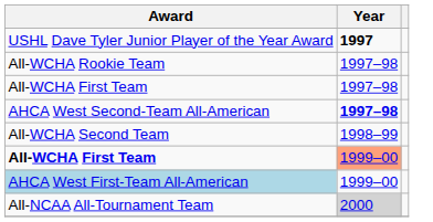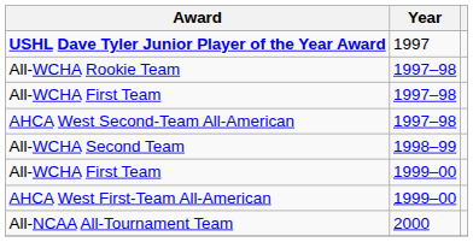 <table class="wikitable">
 <tr>
 <th>Award</th>
 <th>Year</th>
 <th></th>
 </tr>
 <tr>
-<td><a href='#'>USHL</a> <a href='#'>Dave Tyler Junior Player of the Year Award</a></td>
-<td><strong>1997</strong></td>
+<td><strong><a href='#'>USHL</a> <a href='#'>Dave Tyler Junior Player of the Year Award</a></strong></td>
+<td>1997</td>
 <td></td>
 </tr>
 <tr>
 <td>All-<a href='#'>WCHA</a> <a href='#'>Rookie Team</a></td>
 <td><a href='#'>1997–98</a></td>
 <td></td>
 </tr>
 <tr>
 <td>All-<a href='#'>WCHA</a> <a href='#'>First Team</a></td>
 <td><a href='#'>1997–98</a></td>
 <td></td>
 </tr>
 <tr>
 <td><a href='#'>AHCA</a> <a href='#'>West Second-Team All-American</a></td>
-<td><strong><a href='#'>1997–98</a></strong></td>
+<td><a href='#'>1997–98</a></td>
 <td></td>
 </tr>
 <tr>
 <td>All-<a href='#'>WCHA</a> <a href='#'>Second Team</a></td>
 <td><a href='#'>1998–99</a></td>
 <td></td>
 </tr>
 <tr>
-<td><strong>All-<a href='#'>WCHA</a> <a href='#'>First Team</a></strong></td>
-<td style="background: lightsalmon;"><a href='#'>1999–00</a></td>
+<td>All-<a href='#'>WCHA</a> <a href='#'>First Team</a></td>
+<td><a href='#'>1999–00</a></td>
 <td></td>
 </tr>
 <tr>
-<td style="background: lightblue;"><a href='#'>AHCA</a> <a href='#'>West First-Team All-American</a></td>
+<td><a href='#'>AHCA</a> <a href='#'>West First-Team All-American</a></td>
 <td><a href='#'>1999–00</a></td>
 <td></td>
 </tr>
 <tr>
 <td>All-<a href='#'>NCAA</a> <a href='#'>All-Tournament Team</a></td>
-<td style="background: lightgrey;"><a href='#'>2000</a></td>
+<td><a href='#'>2000</a></td>
 <td></td>
 </tr>
 <tr>
 </tr>
 </table>
